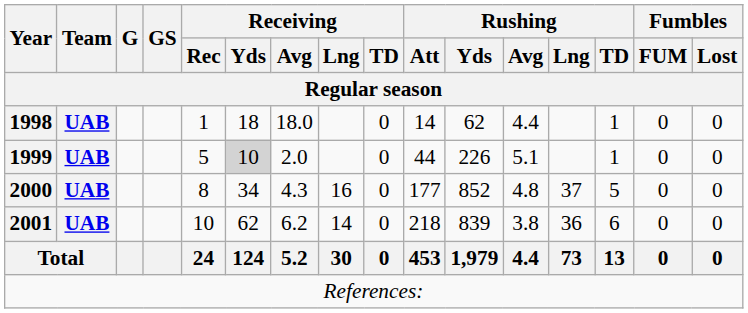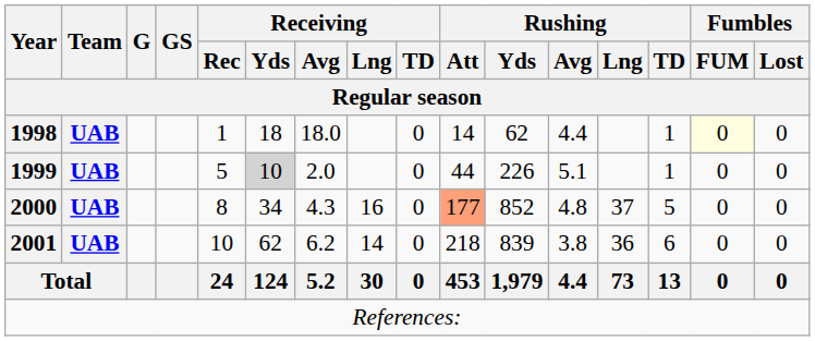 <table class="wikitable" style="text-align: center;">
 <tr>
 <th rowspan="2">Year</th>
 <th rowspan="2">Team</th>
 <th rowspan="2">G</th>
 <th rowspan="2">GS</th>
 <th colspan="5">Receiving</th>
 <th colspan="5">Rushing</th>
 <th colspan="2">Fumbles</th>
 </tr>
 <tr>
 <th>Rec</th>
 <th>Yds</th>
 <th>Avg</th>
 <th>Lng</th>
 <th>TD</th>
 <th>Att</th>
 <th>Yds</th>
 <th>Avg</th>
 <th>Lng</th>
 <th>TD</th>
 <th>FUM</th>
 <th>Lost</th>
 </tr>
 <tr>
 <th colspan=16><strong>Regular season</strong></th>
 </tr>
 <tr>
 <th>1998</th>
 <th><a href='#'>UAB</a></th>
 <td></td>
 <td></td>
 <td>1</td>
 <td>18</td>
 <td>18.0</td>
 <td></td>
 <td>0</td>
 <td>14</td>
 <td>62</td>
 <td>4.4</td>
 <td></td>
 <td>1</td>
-<td>0</td>
+<td style="background: lightyellow;">0</td>
 <td>0</td>
 </tr>
 <tr>
 <th>1999</th>
 <th><a href='#'>UAB</a></th>
 <td></td>
 <td></td>
 <td>5</td>
 <td style="background: lightgrey;">10</td>
 <td>2.0</td>
 <td></td>
 <td>0</td>
 <td>44</td>
 <td>226</td>
 <td>5.1</td>
 <td></td>
 <td>1</td>
 <td>0</td>
 <td>0</td>
 </tr>
 <tr>
 <th>2000</th>
 <th><a href='#'>UAB</a></th>
 <td></td>
 <td></td>
 <td>8</td>
 <td>34</td>
 <td>4.3</td>
 <td>16</td>
 <td>0</td>
-<td>177</td>
+<td style="background: lightsalmon;">177</td>
 <td>852</td>
 <td>4.8</td>
 <td>37</td>
 <td>5</td>
 <td>0</td>
 <td>0</td>
 </tr>
 <tr>
 <th>2001</th>
 <th><a href='#'>UAB</a></th>
 <td></td>
 <td></td>
 <td>10</td>
 <td>62</td>
 <td>6.2</td>
 <td>14</td>
 <td>0</td>
 <td>218</td>
 <td>839</td>
 <td>3.8</td>
 <td>36</td>
 <td>6</td>
 <td>0</td>
 <td>0</td>
 </tr>
 <tr>
 <th colspan="2">Total</th>
 <th></th>
 <th></th>
 <th>24</th>
 <th>124</th>
 <th>5.2</th>
 <th>30</th>
 <th>0</th>
 <th>453</th>
 <th>1,979</th>
 <th>4.4</th>
 <th>73</th>
 <th>13</th>
 <th>0</th>
 <th>0</th>
 </tr>
 <tr>
 <td colspan="16"><em>References:</em></td>
 </tr>
 </table>
